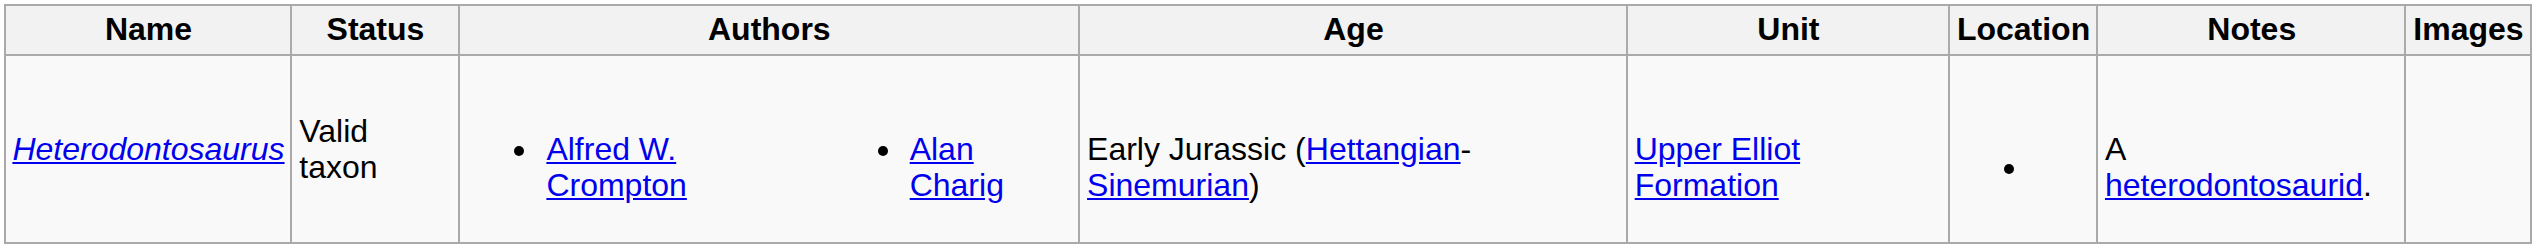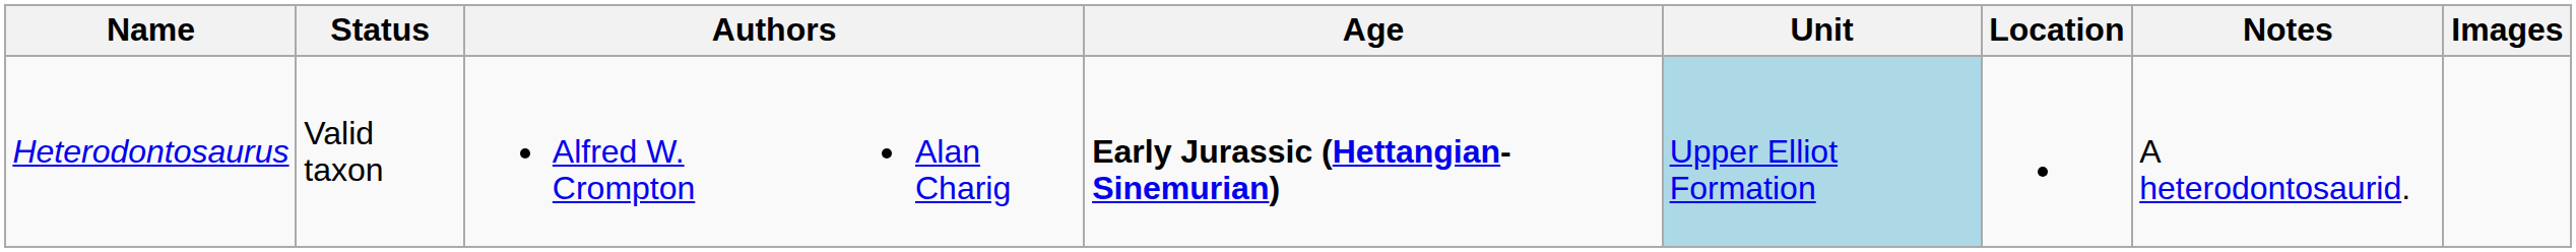 <table class="wikitable sortable" align="center" width="100%">
 <tr>
 <th>Name</th>
 <th>Status</th>
 <th colspan="2">Authors</th>
 <th>Age</th>
 <th>Unit</th>
 <th>Location</th>
 <th class="unsortable">Notes</th>
 <th class="unsortable">Images</th>
 </tr>
 <tr>
 <td><em><a href='#'>Heterodontosaurus</a></em></td>
 <td>Valid taxon</td>
 <td style="border-right:0px" valign="top"><br><ul><li><a href='#'>Alfred W. Crompton</a></li></ul></td>
 <td style="border-left:0px" valign="top"><br><ul><li><a href='#'>Alan Charig</a></li></ul></td>
-<td><br>Early Jurassic (<a href='#'>Hettangian</a>-<a href='#'>Sinemurian</a>)</td>
-<td><br><a href='#'>Upper Elliot Formation</a></td>
+<td><strong><br>Early Jurassic (<a href='#'>Hettangian</a>-<a href='#'>Sinemurian</a>)</strong></td>
+<td style="background: lightblue;"><br><a href='#'>Upper Elliot Formation</a></td>
 <td><br><ul><li></li></ul></td>
 <td><br>A <a href='#'>heterodontosaurid</a>.</td>
 <td></td>
 </tr>
 <tr>
 </tr>
 </table>
